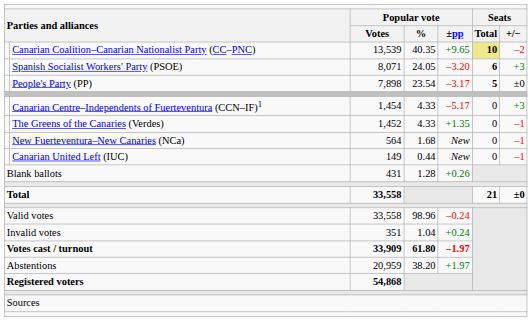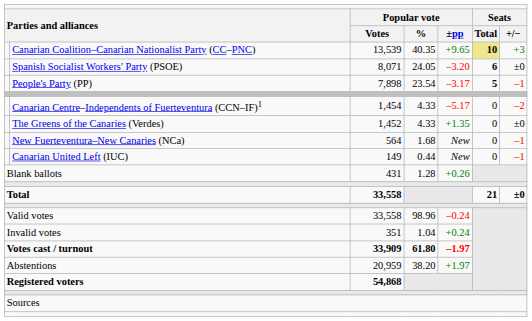 <table class="wikitable" style="text-align:right;">
 <tr>
 <td colspan="7"></td>
 </tr>
 <tr>
 <th style="text-align:left;" rowspan="2" colspan="2" width="525">Parties and alliances</th>
 <th colspan="3">Popular vote</th>
 <th colspan="2">Seats</th>
 </tr>
 <tr>
 <th width="75">Votes</th>
 <th width="45">%</th>
 <th width="45">±<a href='#'>pp</a></th>
 <th width="35">Total</th>
 <th width="35">+/−</th>
 </tr>
 <tr>
 <td width="1" style="color:inherit;background:"></td>
 <td align="left"><a href='#'>Canarian Coalition–Canarian Nationalist Party</a> (<a href='#'>CC</a>–<a href='#'>PNC</a>)</td>
 <td>13,539</td>
 <td>40.35</td>
 <td style="color:green;">+9.65</td>
 <td style="background: khaki;"><strong>10</strong></td>
-<td style="color:red;">–2</td>
+<td style="color:green;">+3</td>
 </tr>
 <tr>
 <td style="color:inherit;background:"></td>
 <td align="left"><a href='#'>Spanish Socialist Workers' Party</a> (PSOE)</td>
 <td>8,071</td>
 <td>24.05</td>
 <td style="color:red;">–3.20</td>
 <td><strong>6</strong></td>
-<td style="color:green;">+3</td>
+<td>±0</td>
 </tr>
 <tr>
 <td style="color:inherit;background:"></td>
 <td align="left"><a href='#'>People's Party</a> (PP)</td>
 <td>7,898</td>
 <td>23.54</td>
 <td style="color:red;">–3.17</td>
 <td><strong>5</strong></td>
-<td>±0</td>
+<td style="color:red;">–1</td>
 </tr>
 <tr>
 <td colspan="7" bgcolor="#C0C0C0"></td>
 </tr>
 <tr>
 <td style="color:inherit;background:"></td>
 <td align="left"><a href='#'>Canarian Centre</a>–<a href='#'>Independents of Fuerteventura</a> (CCN–IF)<sup>1</sup></td>
 <td>1,454</td>
 <td>4.33</td>
 <td style="color:red;">–5.17</td>
 <td>0</td>
-<td style="color:green;">+3</td>
+<td style="color:red;">–2</td>
 </tr>
 <tr>
 <td style="color:inherit;background:"></td>
 <td align="left"><a href='#'>The Greens of the Canaries</a> (Verdes)</td>
 <td>1,452</td>
 <td>4.33</td>
 <td style="color:green;">+1.35</td>
 <td>0</td>
-<td style="color:red;">–1</td>
+<td>±0</td>
 </tr>
 <tr>
 <td style="color:inherit;background:"></td>
 <td align="left"><a href='#'>New Fuerteventura–New Canaries</a> (NCa)</td>
 <td>564</td>
 <td>1.68</td>
 <td><em>New</em></td>
 <td>0</td>
 <td style="color:red;">–1</td>
 </tr>
 <tr>
 <td style="color:inherit;background:"></td>
 <td align="left"><a href='#'>Canarian United Left</a> (IUC)</td>
 <td>149</td>
 <td>0.44</td>
 <td><em>New</em></td>
 <td>0</td>
 <td style="color:red;">–1</td>
 </tr>
 <tr>
 <td align="left" colspan="2">Blank ballots</td>
 <td>431</td>
 <td>1.28</td>
 <td style="color:green;">+0.26</td>
 <td bgcolor="#E9E9E9" colspan="2"></td>
 </tr>
 <tr>
 <td colspan="7" bgcolor="#E9E9E9"></td>
 </tr>
 <tr style="font-weight:bold;">
 <td align="left" colspan="2">Total</td>
 <td>33,558</td>
 <td bgcolor="#E9E9E9" colspan="2"></td>
 <td>21</td>
 <td>±0</td>
 </tr>
 <tr>
 <td colspan="7" bgcolor="#E9E9E9"></td>
 </tr>
 <tr>
 <td align="left" colspan="2">Valid votes</td>
 <td>33,558</td>
 <td>98.96</td>
 <td style="color:red;">–0.24</td>
 <td bgcolor="#E9E9E9" colspan="2" rowspan="5"></td>
 </tr>
 <tr>
 <td align="left" colspan="2">Invalid votes</td>
 <td>351</td>
 <td>1.04</td>
 <td style="color:green;">+0.24</td>
 </tr>
 <tr style="font-weight:bold;">
 <td align="left" colspan="2">Votes cast / turnout</td>
 <td>33,909</td>
 <td>61.80</td>
 <td style="color:red;">–1.97</td>
 </tr>
 <tr>
 <td align="left" colspan="2">Abstentions</td>
 <td>20,959</td>
 <td>38.20</td>
 <td style="color:green;">+1.97</td>
 </tr>
 <tr style="font-weight:bold;">
 <td align="left" colspan="2">Registered voters</td>
 <td>54,868</td>
 <td bgcolor="#E9E9E9" colspan="2"></td>
 </tr>
 <tr>
 <td colspan="7" bgcolor="#E9E9E9"></td>
 </tr>
 <tr>
 <td align="left" colspan="7">Sources</td>
 </tr>
 <tr>
 <td colspan="7" style="text-align:left; max-width:790px;"></td>
 </tr>
 </table>
